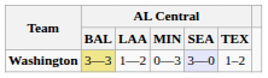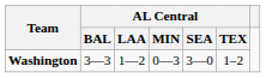 <table class="wikitable" style="text-align:center; font-size: 95%;">
 <tr>
 <th rowspan=2>Team</th>
 <th colspan=5>AL Central</th>
 <th colspan=2> </th>
 </tr>
 <tr>
 <th><strong>BAL</strong></th>
 <th><strong>LAA</strong></th>
 <th><strong>MIN</strong></th>
 <th><strong>SEA</strong></th>
 <th><strong>TEX</strong></th>
 </tr>
 <tr>
 <td><strong>Washington</strong></td>
-<td style="background: khaki;">3—3</td>
+<td>3—3</td>
 <td>1—2</td>
 <td>0—3</td>
-<td style="background: lavender;">3—0</td>
+<td>3—0</td>
 <td>1–2</td>
 </tr>
 </table>
